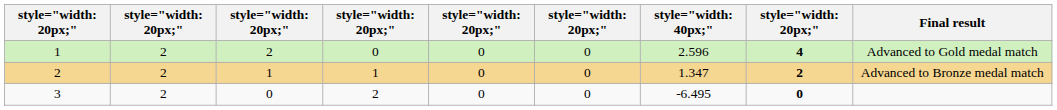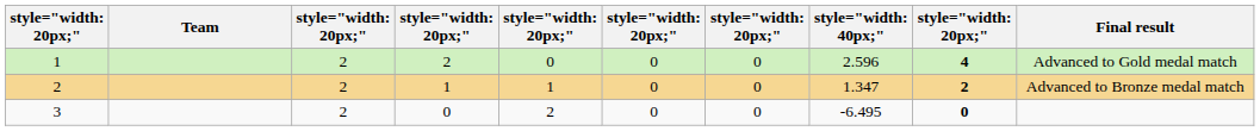 <table class="wikitable" border="1" style="text-align: center;">
 <tr>
 <th>style="width: 20px;"</th>
+<th style="width: 175px;">Team</th>
 <th>style="width: 20px;"</th>
 <th>style="width: 20px;"</th>
 <th>style="width: 20px;"</th>
 <th>style="width: 20px;"</th>
 <th>style="width: 20px;"</th>
 <th>style="width: 40px;"</th>
 <th>style="width: 20px;"</th>
 <th style="width: 230px;">Final result</th>
 </tr>
 <tr style="background:#D0F0C0;">
 <td>1</td>
+<td style="text-align:left"></td>
 <td>2</td>
 <td>2</td>
 <td>0</td>
 <td>0</td>
 <td>0</td>
 <td>2.596</td>
 <td><strong>4</strong></td>
 <td>Advanced to Gold medal match</td>
 </tr>
 <tr style="background:#F6D792;">
 <td>2</td>
+<td align=left></td>
 <td>2</td>
 <td>1</td>
 <td>1</td>
 <td>0</td>
 <td>0</td>
 <td>1.347</td>
 <td><strong>2</strong></td>
 <td>Advanced to Bronze medal match</td>
 </tr>
 <tr>
 <td>3</td>
+<td style="text-align:left"></td>
 <td>2</td>
 <td>0</td>
 <td>2</td>
 <td>0</td>
 <td>0</td>
 <td>-6.495</td>
 <td><strong>0</strong></td>
 <td></td>
 </tr>
 </table>
